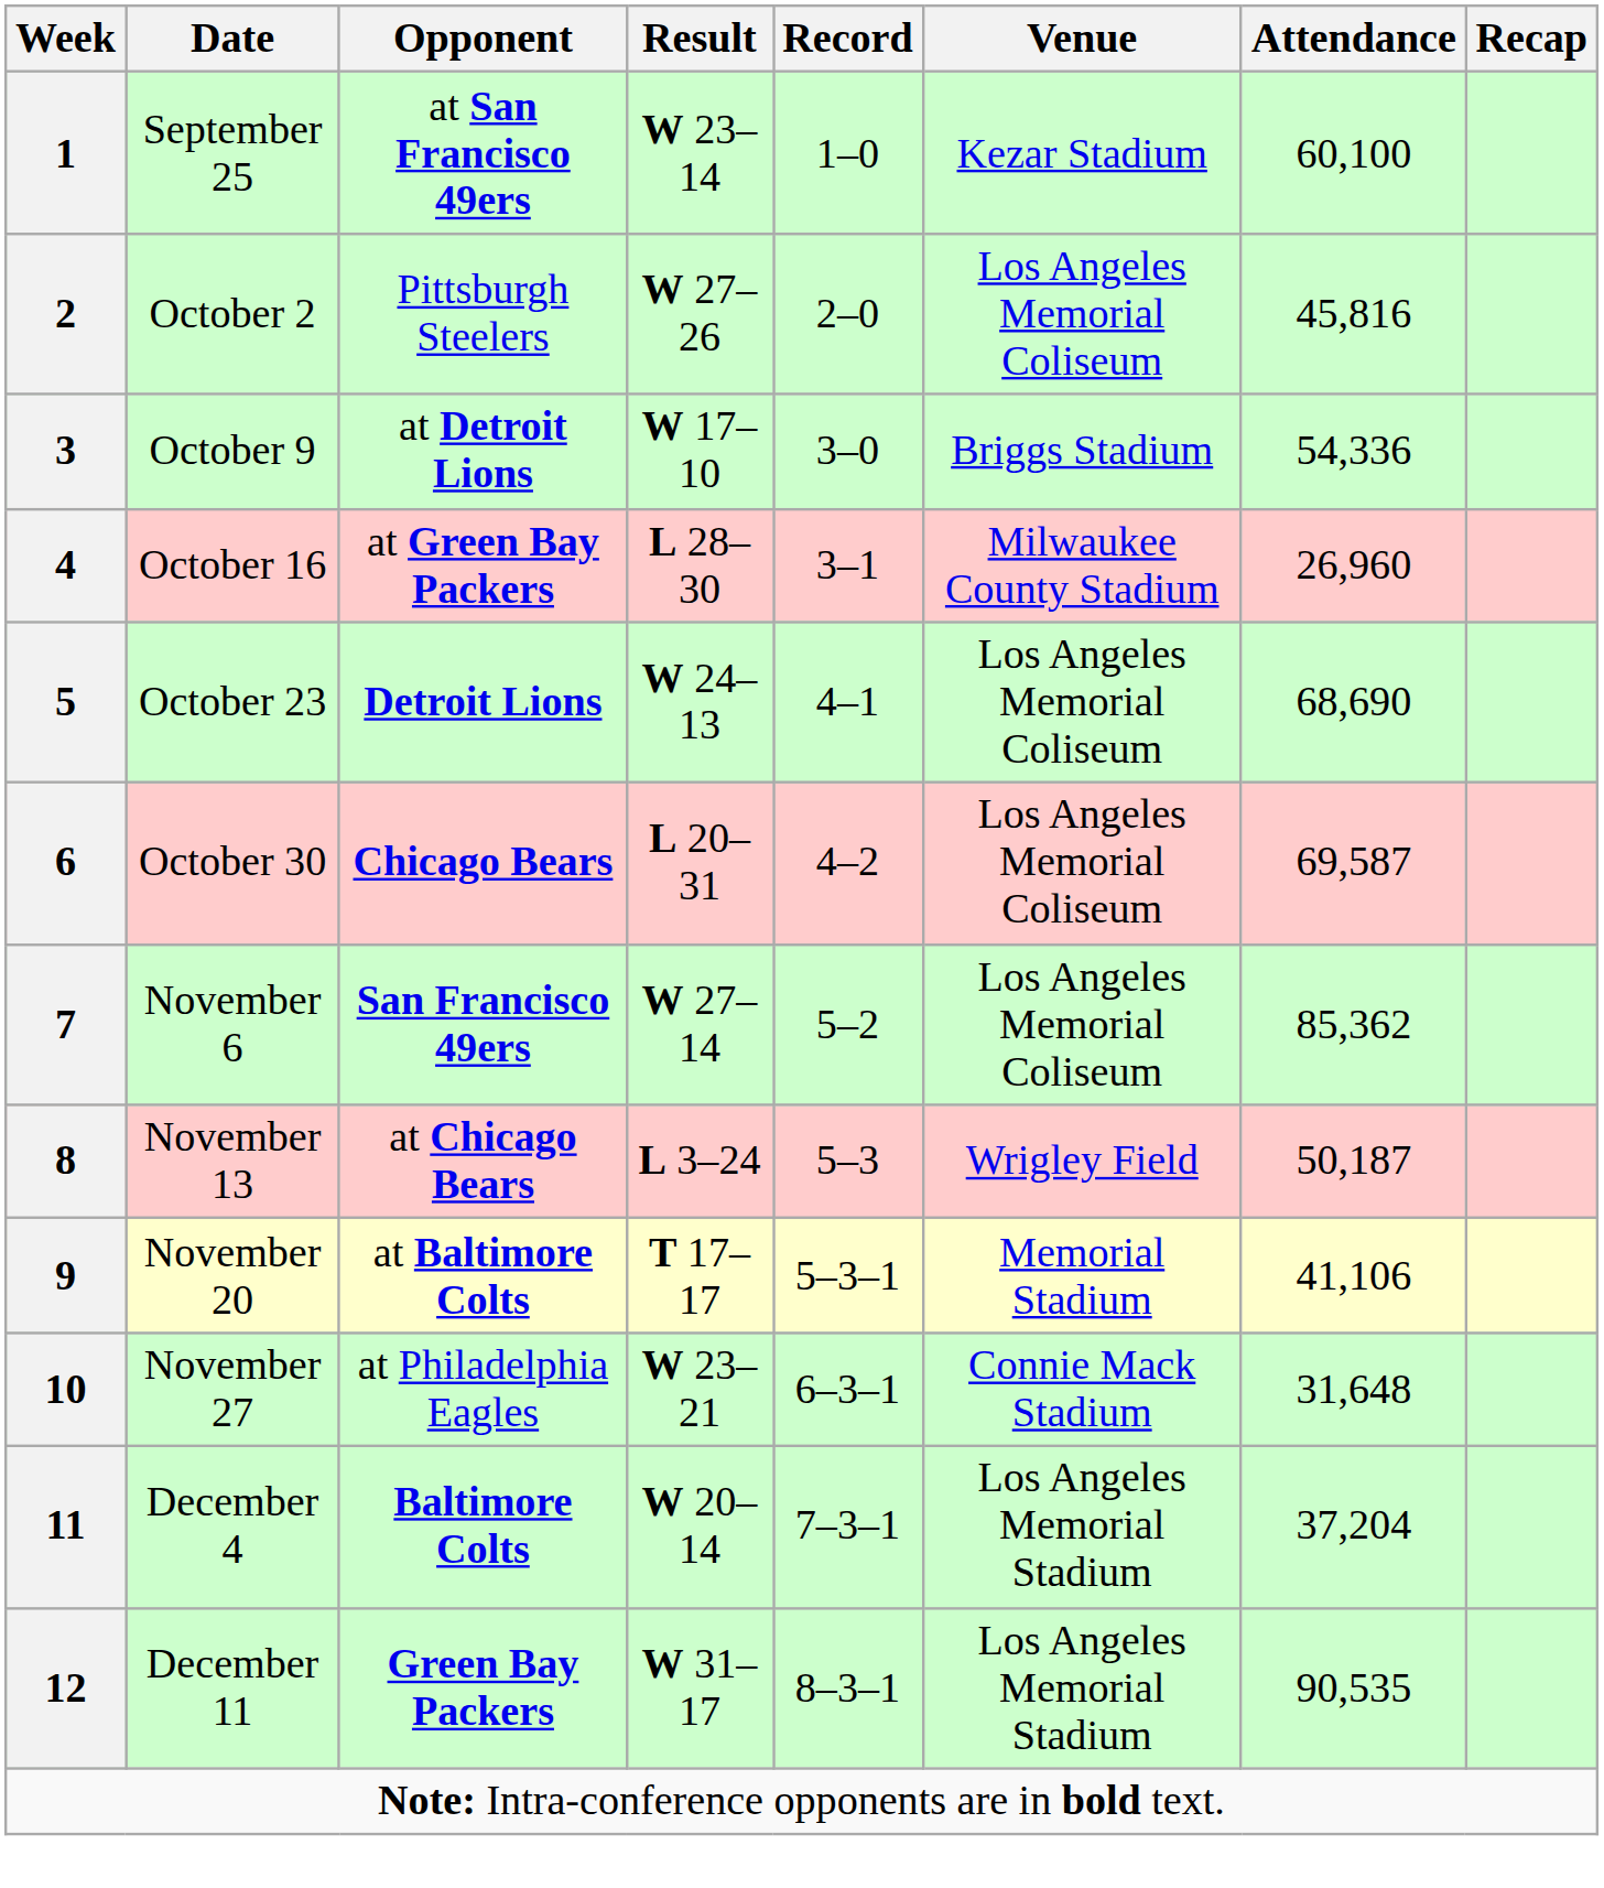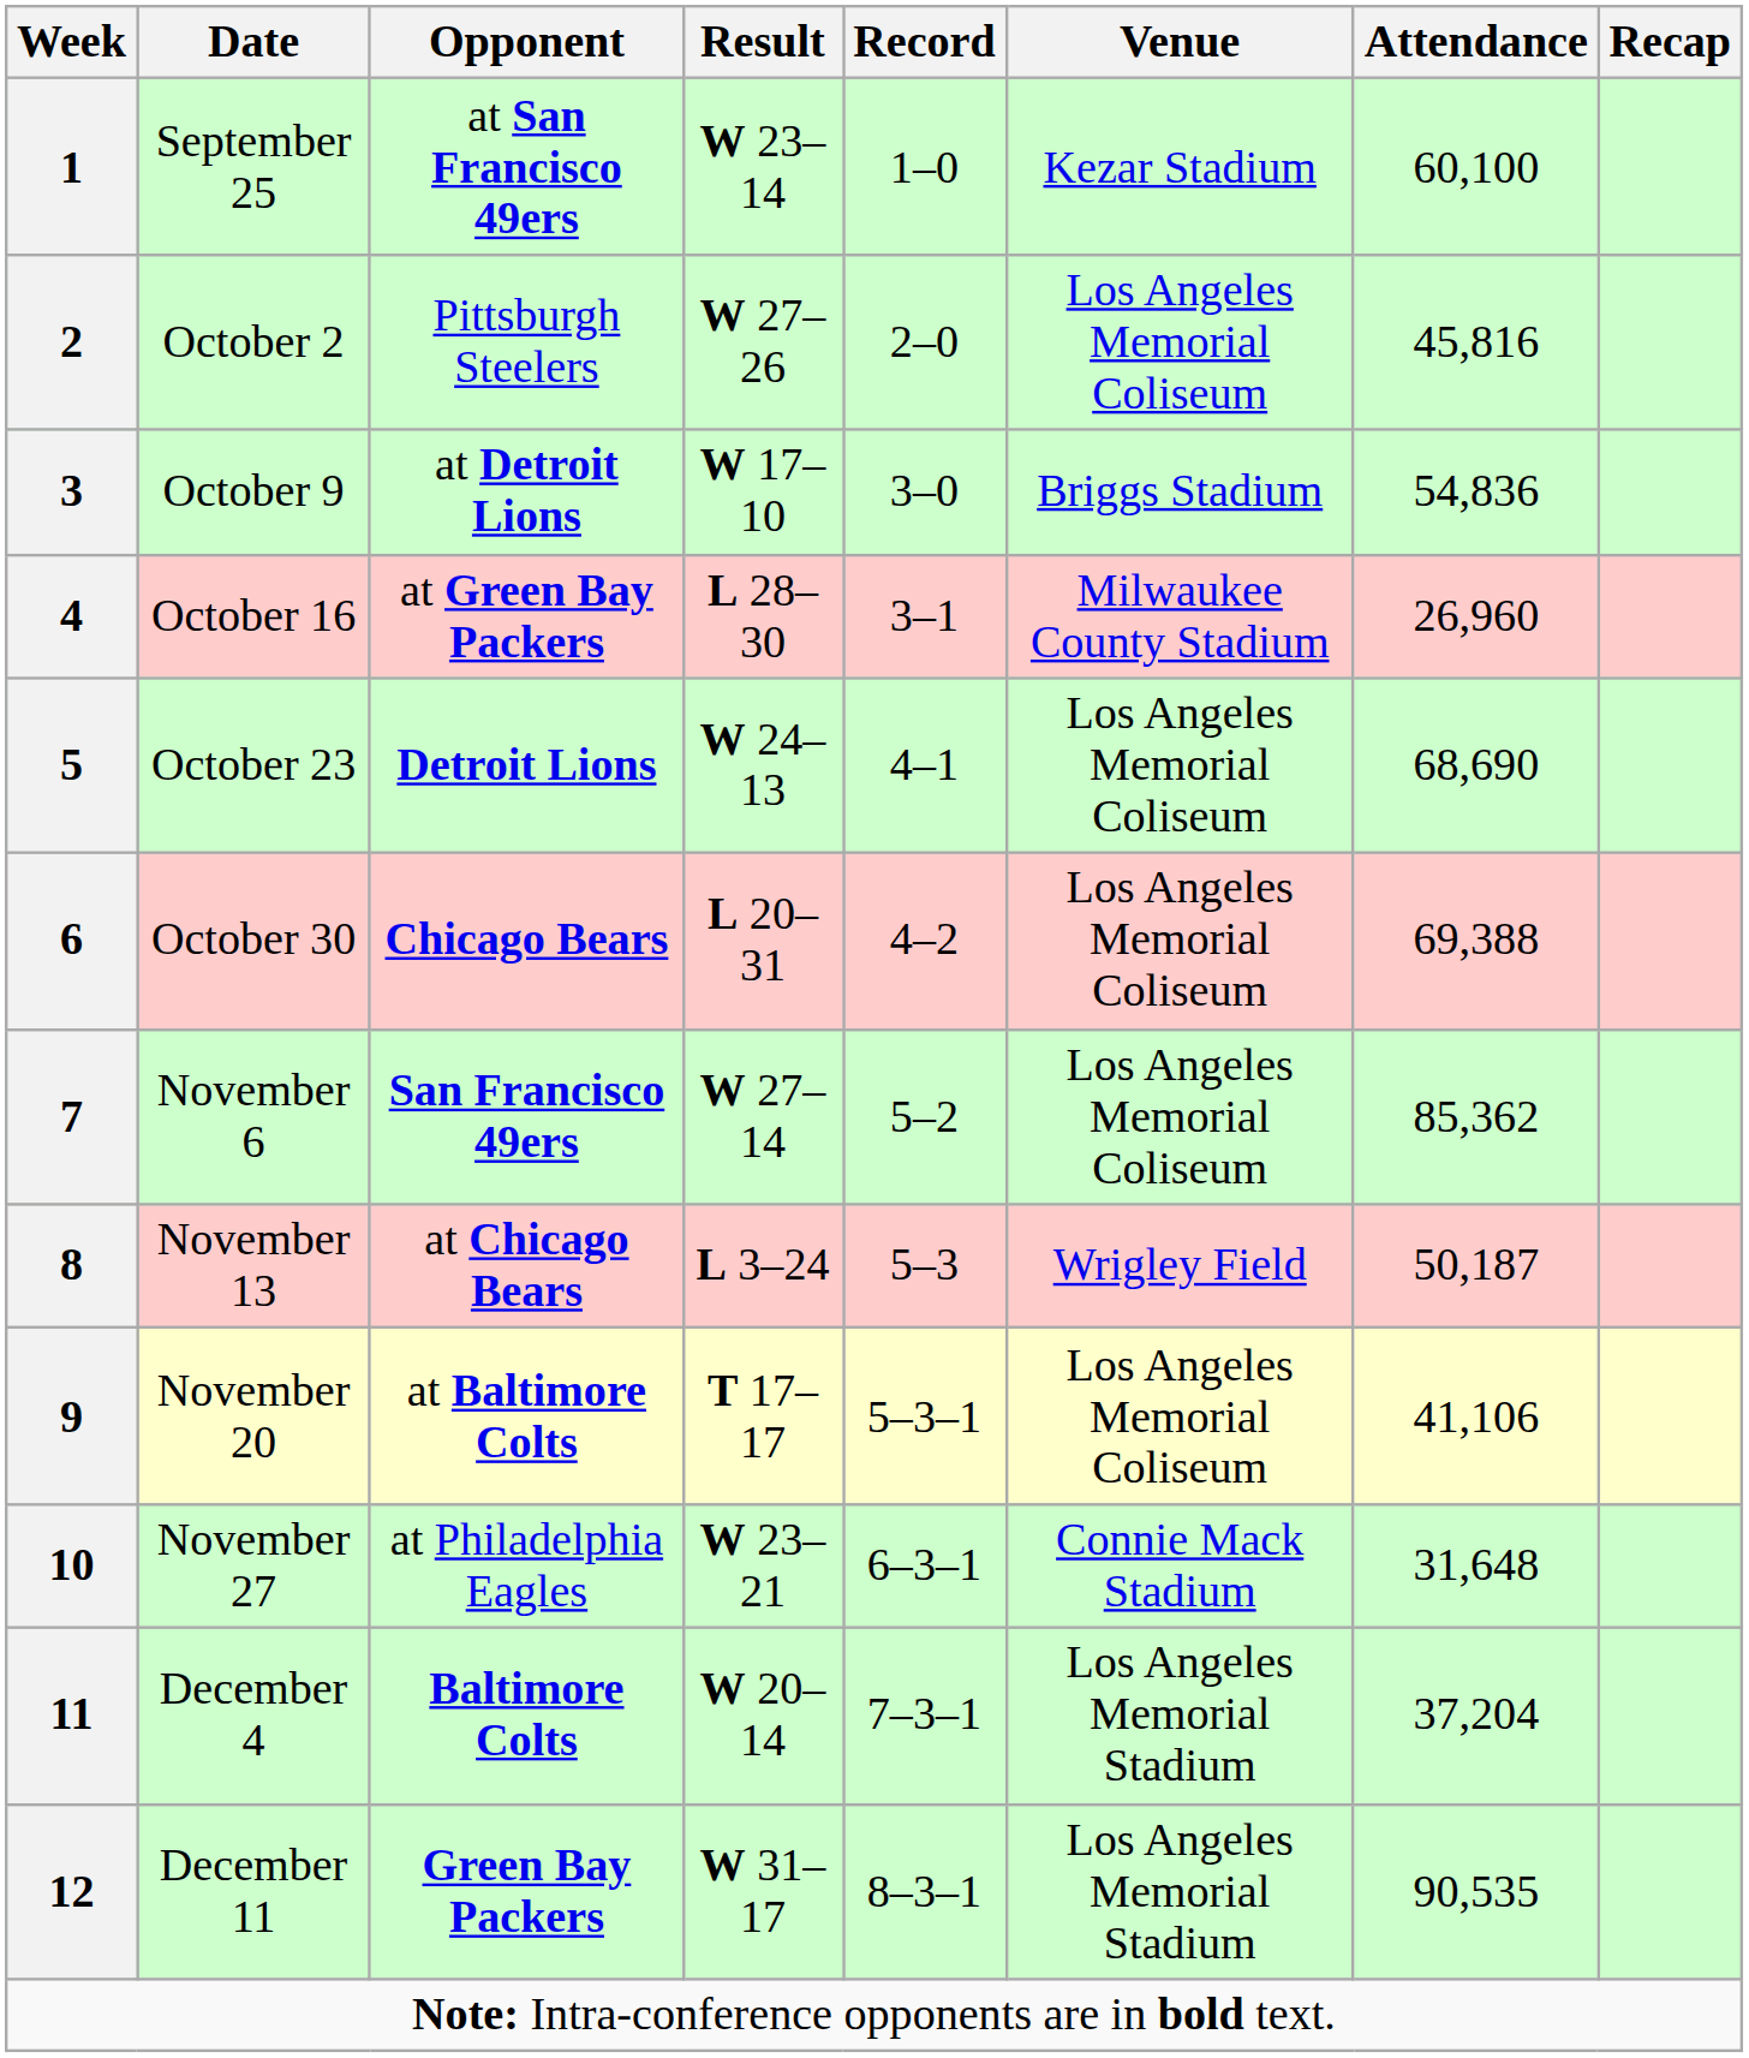 <table class="wikitable" style="text-align:center">
 <tr>
 <th>Week</th>
 <th>Date</th>
 <th>Opponent</th>
 <th>Result</th>
 <th>Record</th>
 <th>Venue</th>
 <th>Attendance</th>
 <th>Recap</th>
 </tr>
 <tr style="background:#cfc">
 <th>1</th>
 <td>September 25</td>
 <td>at <strong><a href='#'>San Francisco 49ers</a></strong></td>
 <td><strong>W</strong> 23–14</td>
 <td>1–0</td>
 <td><a href='#'>Kezar Stadium</a></td>
 <td>60,100</td>
 <td></td>
 </tr>
 <tr style="background:#cfc">
 <th>2</th>
 <td>October 2</td>
 <td><a href='#'>Pittsburgh Steelers</a></td>
 <td><strong>W</strong> 27–26</td>
 <td>2–0</td>
 <td><a href='#'>Los Angeles Memorial Coliseum</a></td>
 <td>45,816</td>
 <td></td>
 </tr>
 <tr style="background:#cfc">
 <th>3</th>
 <td>October 9</td>
 <td>at <strong><a href='#'>Detroit Lions</a></strong></td>
 <td><strong>W</strong> 17–10</td>
 <td>3–0</td>
 <td><a href='#'>Briggs Stadium</a></td>
-<td>54,336</td>
+<td>54,836</td>
 <td></td>
 </tr>
 <tr style="background:#fcc">
 <th>4</th>
 <td>October 16</td>
 <td>at <strong><a href='#'>Green Bay Packers</a></strong></td>
 <td><strong>L</strong> 28–30</td>
 <td>3–1</td>
 <td><a href='#'>Milwaukee County Stadium</a></td>
 <td>26,960</td>
 <td></td>
 </tr>
 <tr style="background:#cfc">
 <th>5</th>
 <td>October 23</td>
 <td><strong><a href='#'>Detroit Lions</a></strong></td>
 <td><strong>W</strong> 24–13</td>
 <td>4–1</td>
 <td>Los Angeles Memorial Coliseum</td>
 <td>68,690</td>
 <td></td>
 </tr>
 <tr style="background:#fcc">
 <th>6</th>
 <td>October 30</td>
 <td><strong><a href='#'>Chicago Bears</a></strong></td>
 <td><strong>L</strong> 20–31</td>
 <td>4–2</td>
 <td>Los Angeles Memorial Coliseum</td>
-<td>69,587</td>
+<td>69,388</td>
 <td></td>
 </tr>
 <tr style="background:#cfc">
 <th>7</th>
 <td>November 6</td>
 <td><strong><a href='#'>San Francisco 49ers</a></strong></td>
 <td><strong>W</strong> 27–14</td>
 <td>5–2</td>
 <td>Los Angeles Memorial Coliseum</td>
 <td>85,362</td>
 <td></td>
 </tr>
 <tr style="background:#fcc">
 <th>8</th>
 <td>November 13</td>
 <td>at <strong><a href='#'>Chicago Bears</a></strong></td>
 <td><strong>L</strong> 3–24</td>
 <td>5–3</td>
 <td><a href='#'>Wrigley Field</a></td>
 <td>50,187</td>
 <td></td>
 </tr>
 <tr style="background:#ffc">
 <th>9</th>
 <td>November 20</td>
 <td>at <strong><a href='#'>Baltimore Colts</a></strong></td>
 <td><strong>T</strong> 17–17</td>
 <td>5–3–1</td>
-<td><a href='#'>Memorial Stadium</a></td>
+<td>Los Angeles Memorial Coliseum</td>
 <td>41,106</td>
 <td></td>
 </tr>
 <tr style="background:#cfc">
 <th>10</th>
 <td>November 27</td>
 <td>at <a href='#'>Philadelphia Eagles</a></td>
 <td><strong>W</strong> 23–21</td>
 <td>6–3–1</td>
 <td><a href='#'>Connie Mack Stadium</a></td>
 <td>31,648</td>
 <td></td>
 </tr>
 <tr style="background:#cfc">
 <th>11</th>
 <td>December 4</td>
 <td><strong><a href='#'>Baltimore Colts</a></strong></td>
 <td><strong>W</strong> 20–14</td>
 <td>7–3–1</td>
 <td>Los Angeles Memorial Stadium</td>
 <td>37,204</td>
 <td></td>
 </tr>
 <tr style="background:#cfc">
 <th>12</th>
 <td>December 11</td>
 <td><strong><a href='#'>Green Bay Packers</a></strong></td>
 <td><strong>W</strong> 31–17</td>
 <td>8–3–1</td>
 <td>Los Angeles Memorial Stadium</td>
 <td>90,535</td>
 <td></td>
 </tr>
 <tr>
 <td colspan="8"><strong>Note:</strong> Intra-conference opponents are in <strong>bold</strong> text.</td>
 </tr>
 </table>
